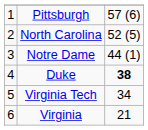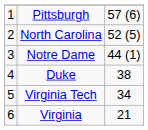 <table class="wikitable" style="display: inline-table; text-align: center;">
 <tr>
 </tr>
 <tr>
 <td>1</td>
 <td><a href='#'>Pittsburgh</a></td>
 <td>57 (6)</td>
 </tr>
 <tr>
 <td>2</td>
 <td><a href='#'>North Carolina</a></td>
 <td>52 (5)</td>
 </tr>
 <tr>
 <td>3</td>
 <td><a href='#'>Notre Dame</a></td>
 <td>44 (1)</td>
 </tr>
 <tr>
 <td>4</td>
 <td><a href='#'>Duke</a></td>
-<td><strong>38</strong></td>
+<td>38</td>
 </tr>
 <tr>
 <td>5</td>
 <td><a href='#'>Virginia Tech</a></td>
 <td>34</td>
 </tr>
 <tr>
 <td>6</td>
 <td><a href='#'>Virginia</a></td>
 <td>21</td>
 </tr>
 </table>
